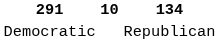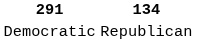 <table style="text-align:center; width=50em">
 <tr>
 <td style="background:"><strong>291</strong></td>
-<td style="background:"><strong>10</strong></td>
 <td style="background:"><strong>134</strong></td>
 </tr>
 <tr>
 <td>Democratic</td>
-<td></td>
 <td>Republican</td>
 </tr>
 </table>
